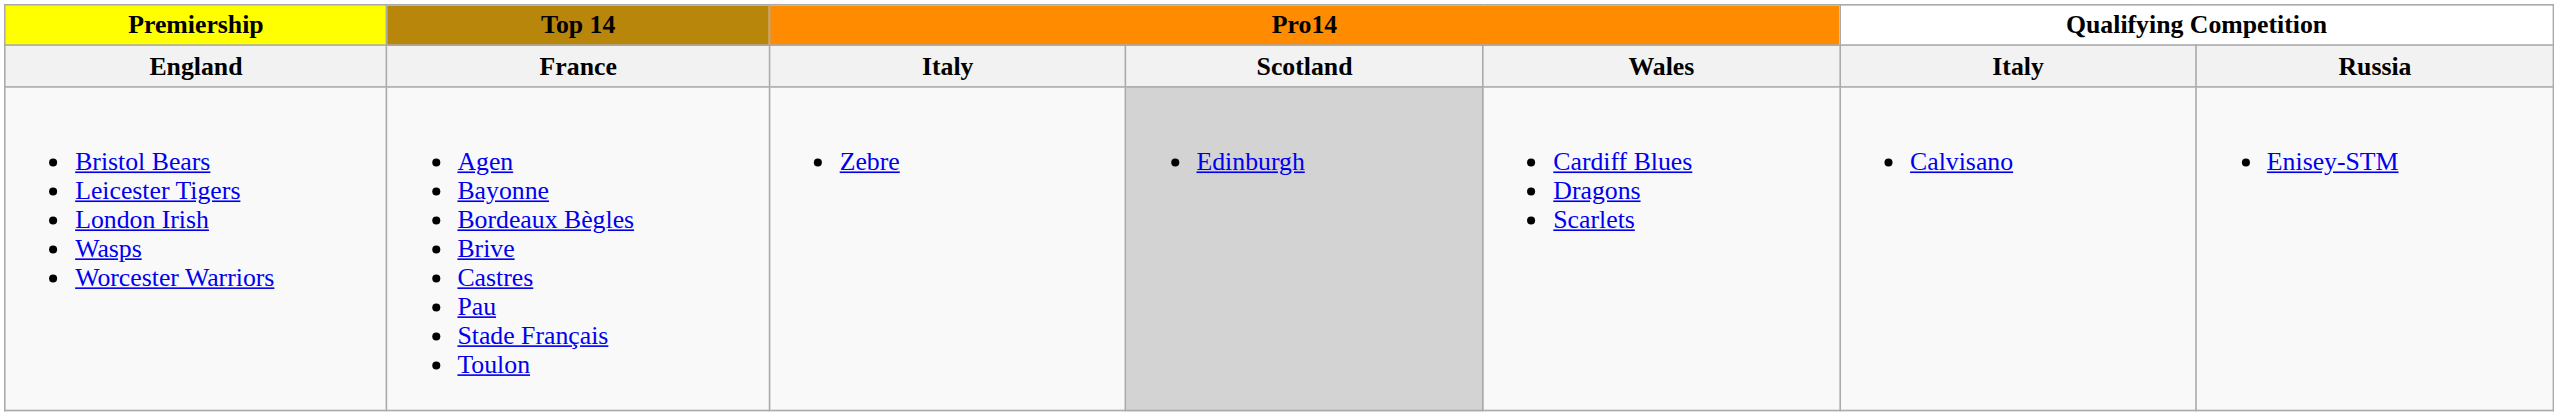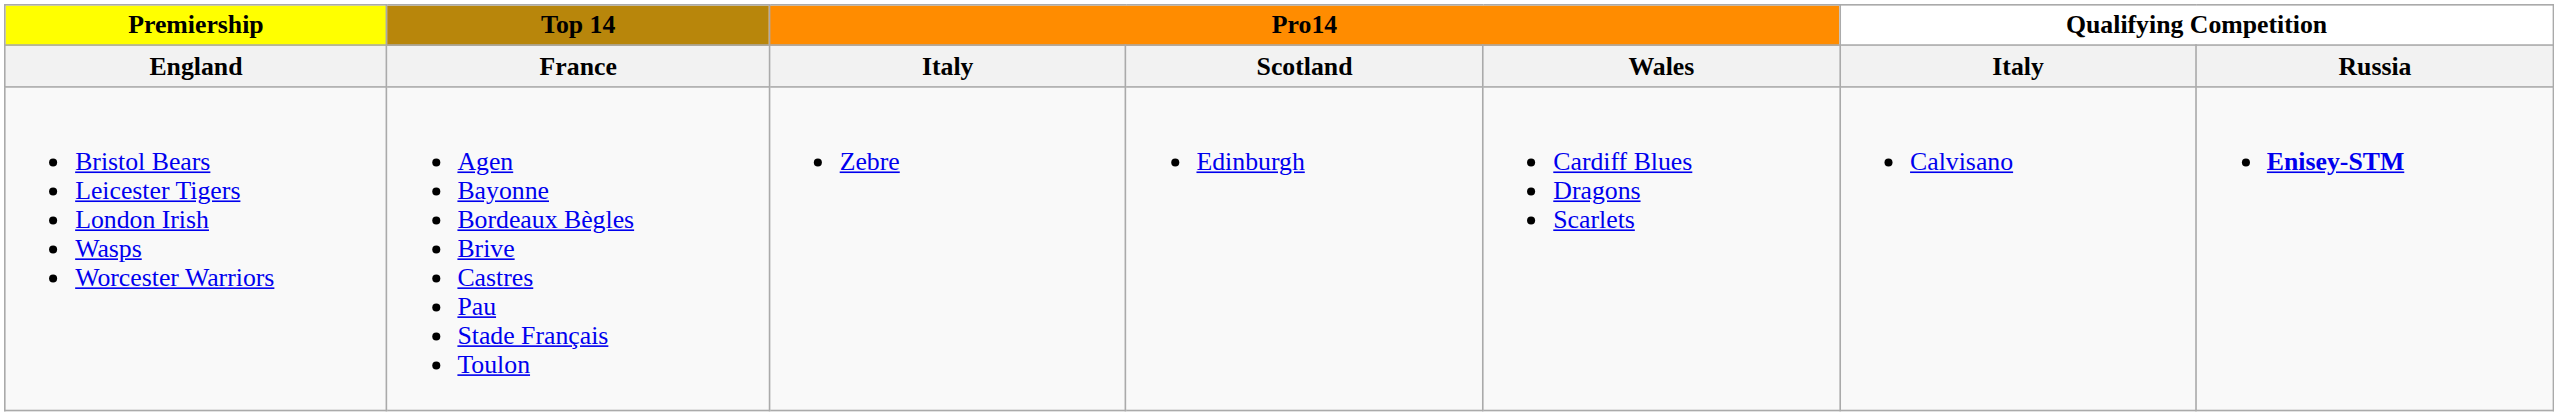 <table class="wikitable" style="width:100%;">
 <tr>
 <th style="background: #ffff00;">Premiership</th>
 <th style="background: #b8860b;">Top 14</th>
 <th colspan="3" style="background: #ff8c00;">Pro14</th>
 <th colspan="2" style="background: #ffffff;">Qualifying Competition</th>
 </tr>
 <tr>
 <th width=15%> England</th>
 <th width=15%> France</th>
 <th width=14%> Italy</th>
 <th width=14%> Scotland</th>
 <th width=14%> Wales</th>
 <th width=14%> Italy</th>
 <th width=14%> Russia</th>
 </tr>
 <tr valign=top>
 <td><br><ul><li><a href='#'>Bristol Bears</a></li><li><a href='#'>Leicester Tigers</a></li><li><a href='#'>London Irish</a></li><li><a href='#'>Wasps</a></li><li><a href='#'>Worcester Warriors</a></li></ul></td>
 <td><br><ul><li><a href='#'>Agen</a></li><li><a href='#'>Bayonne</a></li><li><a href='#'>Bordeaux Bègles</a></li><li><a href='#'>Brive</a></li><li><a href='#'>Castres</a></li><li><a href='#'>Pau</a></li><li><a href='#'>Stade Français</a></li><li><a href='#'>Toulon</a></li></ul></td>
 <td><br><ul><li><a href='#'>Zebre</a></li></ul></td>
-<td style="background: lightgrey;"><br><ul><li><a href='#'>Edinburgh</a></li></ul></td>
+<td><br><ul><li><a href='#'>Edinburgh</a></li></ul></td>
 <td><br><ul><li><a href='#'>Cardiff Blues</a></li><li><a href='#'>Dragons</a></li><li><a href='#'>Scarlets</a></li></ul></td>
 <td><br><ul><li><a href='#'>Calvisano</a></li></ul></td>
-<td><br><ul><li><a href='#'>Enisey-STM</a></li></ul></td>
+<td><strong><br><ul><li><a href='#'>Enisey-STM</a></li></ul></strong></td>
 </tr>
 </table>
